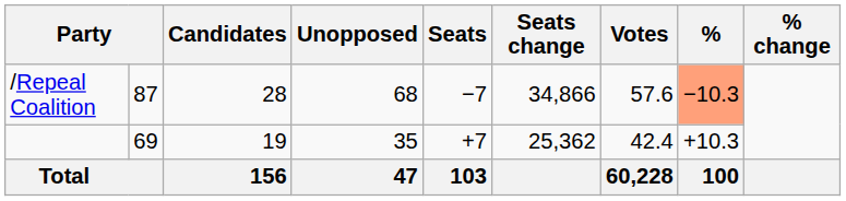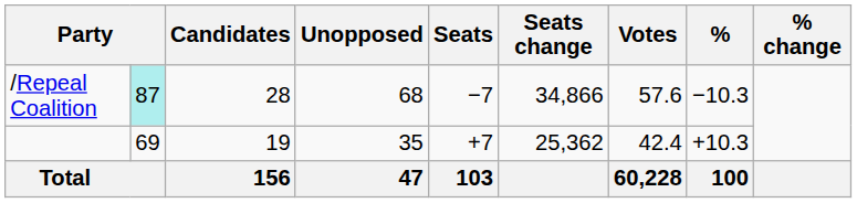 <table class="wikitable sortable">
 <tr>
 <th colspan=2>Party</th>
 <th>Candidates</th>
 <th>Unopposed</th>
 <th>Seats</th>
 <th>Seats change</th>
 <th>Votes</th>
 <th>%</th>
 <th>% change</th>
 </tr>
 <tr>
 <td>/<a href='#'>Repeal</a> <a href='#'>Coalition</a></td>
-<td align=right>87</td>
+<td align=right style="background: paleturquoise;">87</td>
 <td align=right>28</td>
 <td align=right>68</td>
 <td align=right>−7</td>
 <td align=right>34,866</td>
 <td align=right>57.6</td>
-<td align=right style="background: lightsalmon;">−10.3</td>
+<td align=right>−10.3</td>
 </tr>
 <tr>
 <td></td>
 <td align=right>69</td>
 <td align=right>19</td>
 <td align=right>35</td>
 <td align=right>+7</td>
 <td align=right>25,362</td>
 <td align=right>42.4</td>
 <td align=right>+10.3</td>
 </tr>
 <tr class="sortbottom" style="font-weight: bold; text-align: right; background: #f2f2f2;">
 <th colspan="2" style="padding-left: 1.5em; text-align: left;">Total</th>
 <td align=right>156</td>
 <td align=right>47</td>
 <td align=right>103</td>
 <td align=right></td>
 <td align=right>60,228</td>
 <td align=right>100</td>
 <td align=right></td>
 </tr>
 </table>
